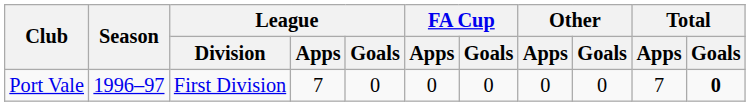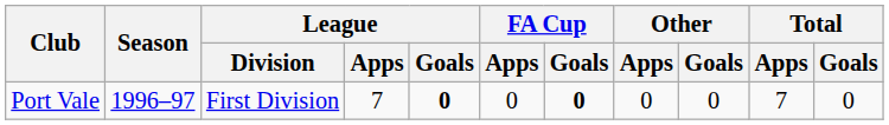 <table class="wikitable" style="text-align:center">
 <tr>
 <th rowspan="2">Club</th>
 <th rowspan="2">Season</th>
 <th colspan="3">League</th>
 <th colspan="2"><a href='#'>FA Cup</a></th>
 <th colspan="2">Other</th>
 <th colspan="2">Total</th>
 </tr>
 <tr>
 <th>Division</th>
 <th>Apps</th>
 <th>Goals</th>
 <th>Apps</th>
 <th>Goals</th>
 <th>Apps</th>
 <th>Goals</th>
 <th>Apps</th>
 <th>Goals</th>
 </tr>
 <tr>
 <td><a href='#'>Port Vale</a></td>
 <td><a href='#'>1996–97</a></td>
 <td><a href='#'>First Division</a></td>
 <td>7</td>
+<td><strong>0</strong></td>
 <td>0</td>
-<td>0</td>
-<td>0</td>
+<td><strong>0</strong></td>
 <td>0</td>
 <td>0</td>
 <td>7</td>
-<td><strong>0</strong></td>
+<td>0</td>
 </tr>
 </table>
